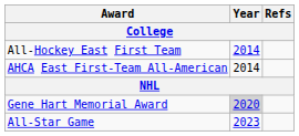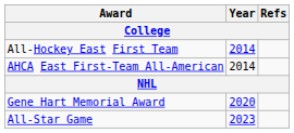 <table class="wikitable">
 <tr>
 <th>Award</th>
 <th>Year</th>
 <th>Refs</th>
 </tr>
 <tr>
 <th colspan="3"><a href='#'>College</a></th>
 </tr>
 <tr>
 <td>All-<a href='#'>Hockey East</a> <a href='#'>First Team</a></td>
 <td><a href='#'>2014</a></td>
 <td></td>
 </tr>
 <tr>
 <td><a href='#'>AHCA</a> <a href='#'>East First-Team All-American</a></td>
 <td>2014</td>
 <td></td>
 </tr>
 <tr>
 <th colspan="3"><a href='#'>NHL</a></th>
 </tr>
 <tr>
 <td><a href='#'>Gene Hart Memorial Award</a></td>
-<td style="background: lightgrey;"><a href='#'>2020</a></td>
+<td><a href='#'>2020</a></td>
 <td></td>
 </tr>
 <tr>
 <td><a href='#'>All-Star Game</a></td>
 <td><a href='#'>2023</a></td>
 </tr>
 </table>
